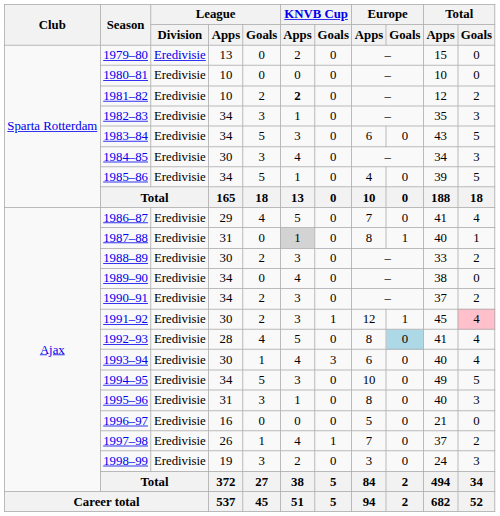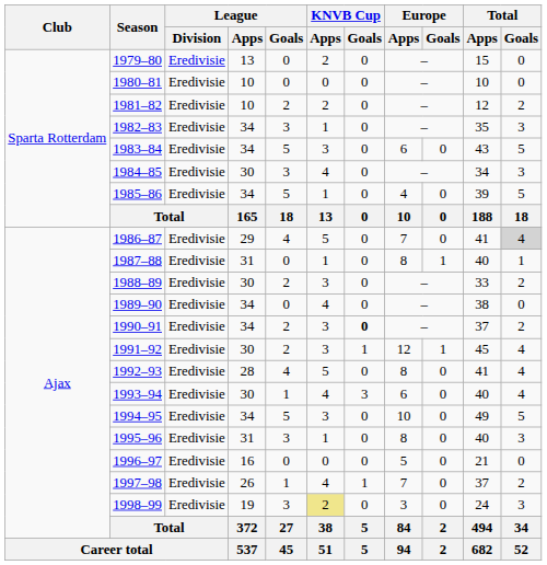 <table class="wikitable" style="text-align:center">
 <tr>
 <th rowspan="2">Club</th>
 <th rowspan="2">Season</th>
 <th colspan="3">League</th>
 <th colspan="2"><a href='#'>KNVB Cup</a></th>
 <th colspan="2">Europe</th>
 <th colspan="2">Total</th>
 </tr>
 <tr>
 <th>Division</th>
 <th>Apps</th>
 <th>Goals</th>
 <th>Apps</th>
 <th>Goals</th>
 <th>Apps</th>
 <th>Goals</th>
 <th>Apps</th>
 <th>Goals</th>
 </tr>
 <tr>
 <td rowspan="8"><a href='#'>Sparta Rotterdam</a></td>
 <td><a href='#'>1979–80</a></td>
 <td><a href='#'>Eredivisie</a></td>
 <td>13</td>
 <td>0</td>
 <td>2</td>
 <td>0</td>
 <td colspan="2">–</td>
 <td>15</td>
 <td>0</td>
 </tr>
 <tr>
 <td><a href='#'>1980–81</a></td>
 <td>Eredivisie</td>
 <td>10</td>
 <td>0</td>
 <td>0</td>
 <td>0</td>
 <td colspan="2">–</td>
 <td>10</td>
 <td>0</td>
 </tr>
 <tr>
 <td><a href='#'>1981–82</a></td>
 <td>Eredivisie</td>
 <td>10</td>
 <td>2</td>
-<td><strong>2</strong></td>
+<td>2</td>
 <td>0</td>
 <td colspan="2">–</td>
 <td>12</td>
 <td>2</td>
 </tr>
 <tr>
 <td><a href='#'>1982–83</a></td>
 <td>Eredivisie</td>
 <td>34</td>
 <td>3</td>
 <td>1</td>
 <td>0</td>
 <td colspan="2">–</td>
 <td>35</td>
 <td>3</td>
 </tr>
 <tr>
 <td><a href='#'>1983–84</a></td>
 <td>Eredivisie</td>
 <td>34</td>
 <td>5</td>
 <td>3</td>
 <td>0</td>
 <td>6</td>
 <td>0</td>
 <td>43</td>
 <td>5</td>
 </tr>
 <tr>
 <td><a href='#'>1984–85</a></td>
 <td>Eredivisie</td>
 <td>30</td>
 <td>3</td>
 <td>4</td>
 <td>0</td>
 <td colspan="2">–</td>
 <td>34</td>
 <td>3</td>
 </tr>
 <tr>
 <td><a href='#'>1985–86</a></td>
 <td>Eredivisie</td>
 <td>34</td>
 <td>5</td>
 <td>1</td>
 <td>0</td>
 <td>4</td>
 <td>0</td>
 <td>39</td>
 <td>5</td>
 </tr>
 <tr>
 <th colspan="2">Total</th>
 <th>165</th>
 <th>18</th>
 <th>13</th>
 <th>0</th>
 <th>10</th>
 <th>0</th>
 <th>188</th>
 <th>18</th>
 </tr>
 <tr>
 <td rowspan="14"><a href='#'>Ajax</a></td>
 <td><a href='#'>1986–87</a></td>
 <td>Eredivisie</td>
 <td>29</td>
 <td>4</td>
 <td>5</td>
 <td>0</td>
 <td>7</td>
 <td>0</td>
 <td>41</td>
-<td>4</td>
+<td style="background: lightgrey;">4</td>
 </tr>
 <tr>
 <td><a href='#'>1987–88</a></td>
 <td>Eredivisie</td>
 <td>31</td>
 <td>0</td>
-<td style="background: lightgrey;">1</td>
+<td>1</td>
 <td>0</td>
 <td>8</td>
 <td>1</td>
 <td>40</td>
 <td>1</td>
 </tr>
 <tr>
 <td><a href='#'>1988–89</a></td>
 <td>Eredivisie</td>
 <td>30</td>
 <td>2</td>
 <td>3</td>
 <td>0</td>
 <td colspan="2">–</td>
 <td>33</td>
 <td>2</td>
 </tr>
 <tr>
 <td><a href='#'>1989–90</a></td>
 <td>Eredivisie</td>
 <td>34</td>
 <td>0</td>
 <td>4</td>
 <td>0</td>
 <td colspan="2">–</td>
 <td>38</td>
 <td>0</td>
 </tr>
 <tr>
 <td><a href='#'>1990–91</a></td>
 <td>Eredivisie</td>
 <td>34</td>
 <td>2</td>
 <td>3</td>
-<td>0</td>
+<td><strong>0</strong></td>
 <td colspan="2">–</td>
 <td>37</td>
 <td>2</td>
 </tr>
 <tr>
 <td><a href='#'>1991–92</a></td>
 <td>Eredivisie</td>
 <td>30</td>
 <td>2</td>
 <td>3</td>
 <td>1</td>
 <td>12</td>
 <td>1</td>
 <td>45</td>
-<td style="background: pink;">4</td>
+<td>4</td>
 </tr>
 <tr>
 <td><a href='#'>1992–93</a></td>
 <td>Eredivisie</td>
 <td>28</td>
 <td>4</td>
 <td>5</td>
 <td>0</td>
 <td>8</td>
-<td style="background: lightblue;">0</td>
+<td>0</td>
 <td>41</td>
 <td>4</td>
 </tr>
 <tr>
 <td><a href='#'>1993–94</a></td>
 <td>Eredivisie</td>
 <td>30</td>
 <td>1</td>
 <td>4</td>
 <td>3</td>
 <td>6</td>
 <td>0</td>
 <td>40</td>
 <td>4</td>
 </tr>
 <tr>
 <td><a href='#'>1994–95</a></td>
 <td>Eredivisie</td>
 <td>34</td>
 <td>5</td>
 <td>3</td>
 <td>0</td>
 <td>10</td>
 <td>0</td>
 <td>49</td>
 <td>5</td>
 </tr>
 <tr>
 <td><a href='#'>1995–96</a></td>
 <td>Eredivisie</td>
 <td>31</td>
 <td>3</td>
 <td>1</td>
 <td>0</td>
 <td>8</td>
 <td>0</td>
 <td>40</td>
 <td>3</td>
 </tr>
 <tr>
 <td><a href='#'>1996–97</a></td>
 <td>Eredivisie</td>
 <td>16</td>
 <td>0</td>
 <td>0</td>
 <td>0</td>
 <td>5</td>
 <td>0</td>
 <td>21</td>
 <td>0</td>
 </tr>
 <tr>
 <td><a href='#'>1997–98</a></td>
 <td>Eredivisie</td>
 <td>26</td>
 <td>1</td>
 <td>4</td>
 <td>1</td>
 <td>7</td>
 <td>0</td>
 <td>37</td>
 <td>2</td>
 </tr>
 <tr>
 <td><a href='#'>1998–99</a></td>
 <td>Eredivisie</td>
 <td>19</td>
 <td>3</td>
-<td>2</td>
+<td style="background: khaki;">2</td>
 <td>0</td>
 <td>3</td>
 <td>0</td>
 <td>24</td>
 <td>3</td>
 </tr>
 <tr>
 <th colspan="2">Total</th>
 <th>372</th>
 <th>27</th>
 <th>38</th>
 <th>5</th>
 <th>84</th>
 <th>2</th>
 <th>494</th>
 <th>34</th>
 </tr>
 <tr>
 <th colspan="3">Career total</th>
 <th>537</th>
 <th>45</th>
 <th>51</th>
 <th>5</th>
 <th>94</th>
 <th>2</th>
 <th>682</th>
 <th>52</th>
 </tr>
 </table>
